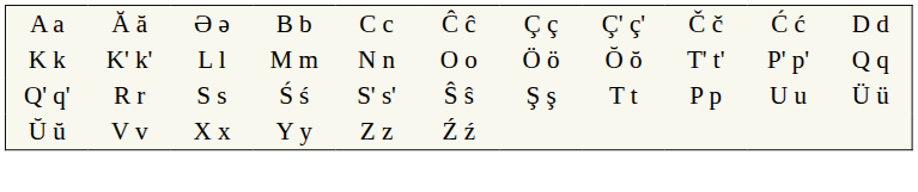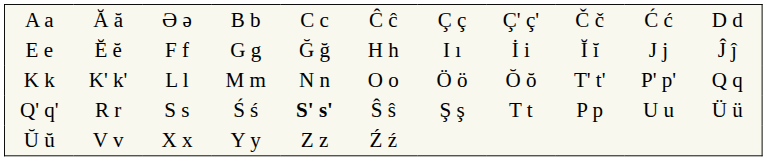 <table style="font-family:Arial Unicode MS; font-size:1.4em; border-color:#000000; border-width:1px; border-style:solid; border-collapse:collapse; background-color:#F8F8EF">
 <tr>
 <td style="width:3em; text-align:center; padding: 3px;">A a</td>
 <td style="width:3em; text-align:center; padding: 3px;">Ă ă</td>
 <td style="width:3em; text-align:center; padding: 3px;">Ә ә</td>
 <td style="width:3em; text-align:center; padding: 3px;">B b</td>
 <td style="width:3em; text-align:center; padding: 3px;">C c</td>
 <td style="width:3em; text-align:center; padding: 3px;">Ĉ ĉ</td>
 <td style="width:3em; text-align:center; padding: 3px;">Ç ç</td>
 <td style="width:3em; text-align:center; padding: 3px;">Ç' ç'</td>
 <td style="width:3em; text-align:center; padding: 3px;">Č č</td>
 <td style="width:3em; text-align:center; padding: 3px;">Ć ć</td>
 <td style="width:3em; text-align:center; padding: 3px;">D d</td>
+</tr>
+<tr>
+<td style="width:3em; text-align:center; padding: 3px;">E e</td>
+<td style="width:3em; text-align:center; padding: 3px;">Ĕ ĕ</td>
+<td style="width:3em; text-align:center; padding: 3px;">F f</td>
+<td style="width:3em; text-align:center; padding: 3px;">G g</td>
+<td style="width:3em; text-align:center; padding: 3px;">Ğ ğ</td>
+<td style="width:3em; text-align:center; padding: 3px;">H h</td>
+<td style="width:3em; text-align:center; padding: 3px;">I ı</td>
+<td style="width:3em; text-align:center; padding: 3px;">İ i</td>
+<td style="width:3em; text-align:center; padding: 3px;">Ĭ ĭ</td>
+<td style="width:3em; text-align:center; padding: 3px;">J j</td>
+<td style="width:3em; text-align:center; padding: 3px;">Ĵ ĵ</td>
 </tr>
 <tr>
 <td style="width:3em; text-align:center; padding: 3px;">K k</td>
 <td style="width:3em; text-align:center; padding: 3px;">K' k'</td>
 <td style="width:3em; text-align:center; padding: 3px;">L l</td>
 <td style="width:3em; text-align:center; padding: 3px;">M m</td>
 <td style="width:3em; text-align:center; padding: 3px;">N n</td>
 <td style="width:3em; text-align:center; padding: 3px;">O o</td>
 <td style="width:3em; text-align:center; padding: 3px;">Ö ö</td>
 <td style="width:3em; text-align:center; padding: 3px;">Ŏ ŏ</td>
 <td style="width:3em; text-align:center; padding: 3px;">T' t'</td>
 <td style="width:3em; text-align:center; padding: 3px;">P' p'</td>
 <td style="width:3em; text-align:center; padding: 3px;">Q q</td>
 </tr>
 <tr>
 <td style="width:3em; text-align:center; padding: 3px;">Q' q'</td>
 <td style="width:3em; text-align:center; padding: 3px;">R r</td>
 <td style="width:3em; text-align:center; padding: 3px;">S s</td>
 <td style="width:3em; text-align:center; padding: 3px;">Ś ś</td>
-<td style="width:3em; text-align:center; padding: 3px;">S' s'</td>
+<td style="width:3em; text-align:center; padding: 3px;"><strong>S' s'</strong></td>
 <td style="width:3em; text-align:center; padding: 3px;">Ŝ ŝ</td>
 <td style="width:3em; text-align:center; padding: 3px;">Ş ş</td>
 <td style="width:3em; text-align:center; padding: 3px;">T t</td>
 <td style="width:3em; text-align:center; padding: 3px;">P p</td>
 <td style="width:3em; text-align:center; padding: 3px;">U u</td>
 <td style="width:3em; text-align:center; padding: 3px;">Ü ü</td>
 </tr>
 <tr>
 <td style="width:3em; text-align:center; padding: 3px;">Ŭ ŭ</td>
 <td style="width:3em; text-align:center; padding: 3px;">V v</td>
 <td style="width:3em; text-align:center; padding: 3px;">X x</td>
 <td style="width:3em; text-align:center; padding: 3px;">Y y</td>
 <td style="width:3em; text-align:center; padding: 3px;">Z z</td>
 <td style="width:3em; text-align:center; padding: 3px;">Ź ź</td>
 </tr>
 </table>
